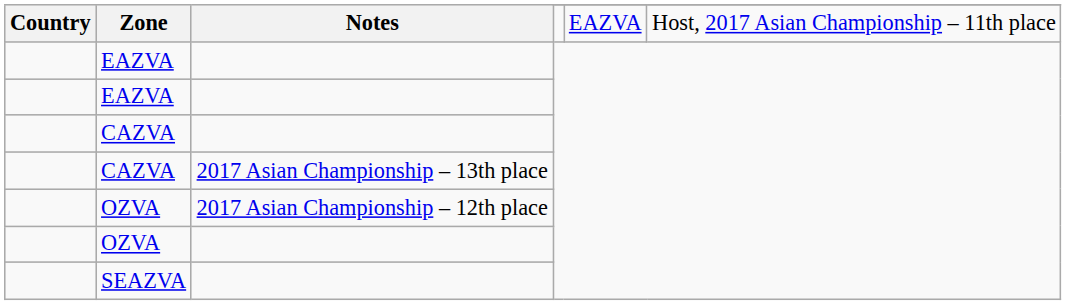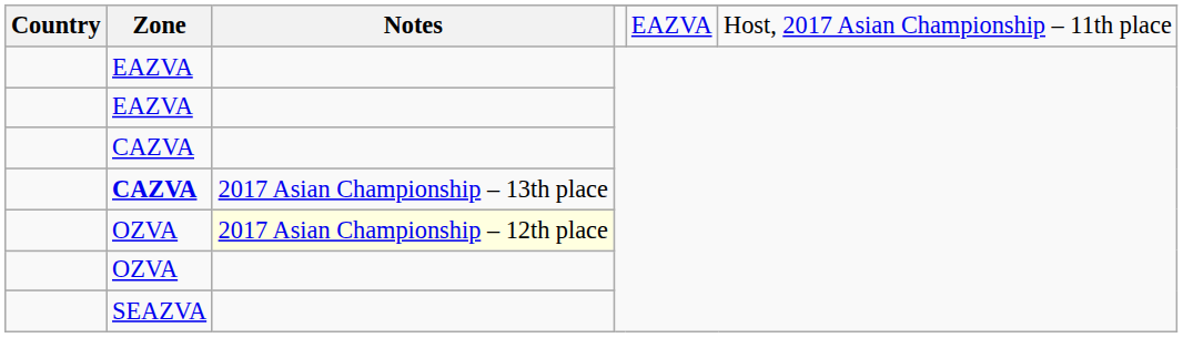 <table class="wikitable sortable" style="font-size:90%">
 <tr>
 <th rowspan=2>Country</th>
 <th rowspan=2>Zone</th>
 <th rowspan=2>Notes</th>
 </tr>
 <tr>
 <td></td>
 <td><a href='#'>EAZVA</a></td>
 <td>Host, <a href='#'>2017 Asian Championship</a> – 11th place</td>
 </tr>
 <tr>
 <td></td>
 <td><a href='#'>EAZVA</a></td>
 <td></td>
 </tr>
 <tr>
 <td></td>
 <td><a href='#'>EAZVA</a></td>
 <td></td>
 </tr>
 <tr>
 <td></td>
 <td><a href='#'>CAZVA</a></td>
 <td></td>
 </tr>
 <tr>
 <td></td>
-<td><a href='#'>CAZVA</a></td>
+<td><strong><a href='#'>CAZVA</a></strong></td>
 <td><a href='#'>2017 Asian Championship</a> – 13th place</td>
 </tr>
 <tr>
 <td></td>
 <td><a href='#'>OZVA</a></td>
-<td><a href='#'>2017 Asian Championship</a> – 12th place</td>
+<td style="background: lightyellow;"><a href='#'>2017 Asian Championship</a> – 12th place</td>
 </tr>
 <tr>
 <td></td>
 <td><a href='#'>OZVA</a></td>
 <td></td>
 </tr>
 <tr>
 <td></td>
 <td><a href='#'>SEAZVA</a></td>
 <td></td>
 </tr>
 </table>
